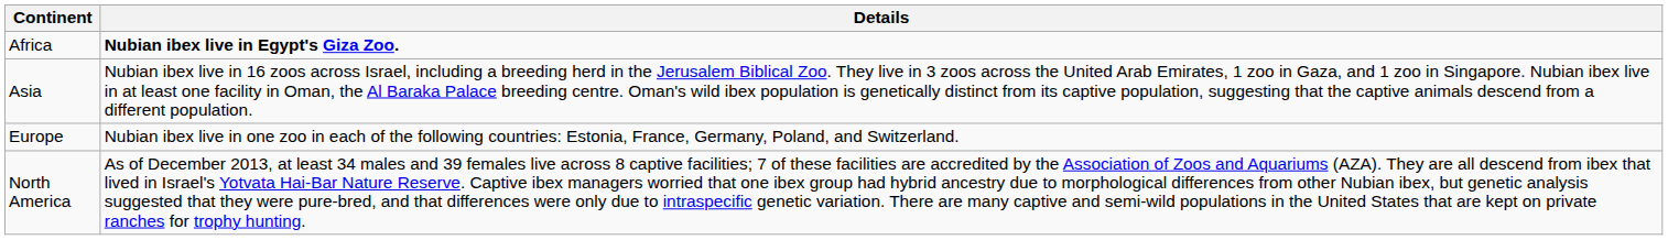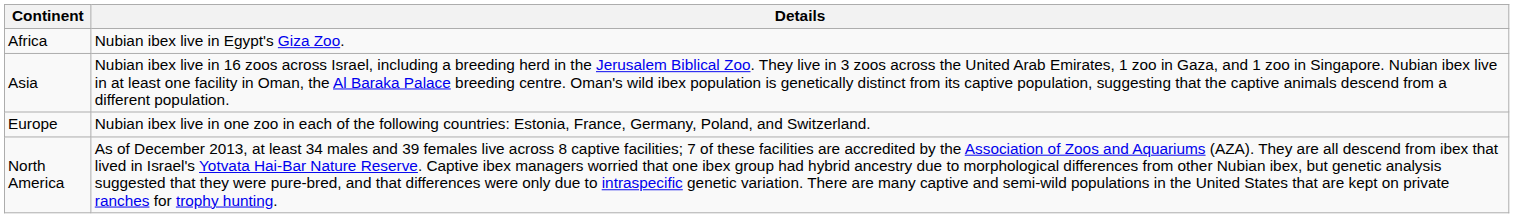 <table class="wikitable">
 <tr>
 <th>Continent</th>
 <th>Details</th>
 </tr>
 <tr>
 <td>Africa</td>
-<td><strong>Nubian ibex live in Egypt's <a href='#'>Giza Zoo</a>.</strong></td>
+<td>Nubian ibex live in Egypt's <a href='#'>Giza Zoo</a>.</td>
 </tr>
 <tr>
 <td>Asia</td>
 <td>Nubian ibex live in 16 zoos across Israel, including a breeding herd in the <a href='#'>Jerusalem Biblical Zoo</a>. They live in 3 zoos across the United Arab Emirates, 1 zoo in Gaza, and 1 zoo in Singapore. Nubian ibex live in at least one facility in Oman, the <a href='#'>Al Baraka Palace</a> breeding centre. Oman's wild ibex population is genetically distinct from its captive population, suggesting that the captive animals descend from a different population.</td>
 </tr>
 <tr>
 <td>Europe</td>
 <td>Nubian ibex live in one zoo in each of the following countries: Estonia, France, Germany, Poland, and Switzerland.</td>
 </tr>
 <tr>
 <td>North America</td>
 <td>As of December 2013, at least 34 males and 39 females live across 8 captive facilities; 7 of these facilities are accredited by the <a href='#'>Association of Zoos and Aquariums</a> (AZA). They are all descend from ibex that lived in Israel's <a href='#'>Yotvata Hai-Bar Nature Reserve</a>. Captive ibex managers worried that one ibex group had hybrid ancestry due to morphological differences from other Nubian ibex, but genetic analysis suggested that they were pure-bred, and that differences were only due to <a href='#'>intraspecific</a> genetic variation. There are many captive and semi-wild populations in the United States that are kept on private <a href='#'>ranches</a> for <a href='#'>trophy hunting</a>.</td>
 </tr>
 </table>
